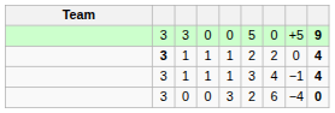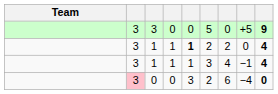 <table class="wikitable" style="text-align:center;">
 <tr>
 <th width=175>Team</th>
 <th width=20></th>
 <th width=20></th>
 <th width=20></th>
 <th width=20></th>
 <th width=20></th>
 <th width=20></th>
 <th width=20></th>
 <th width=20></th>
 </tr>
 <tr bgcolor=ccffcc>
 <td align="left"></td>
 <td>3</td>
 <td>3</td>
 <td>0</td>
 <td>0</td>
 <td>5</td>
 <td>0</td>
 <td>+5</td>
 <td><strong>9</strong></td>
 </tr>
 <tr>
 <td align="left"></td>
-<td><strong>3</strong></td>
+<td>3</td>
 <td>1</td>
 <td>1</td>
-<td>1</td>
+<td><strong>1</strong></td>
 <td>2</td>
 <td>2</td>
 <td>0</td>
 <td><strong>4</strong></td>
 </tr>
 <tr>
 <td align="left"></td>
 <td>3</td>
 <td>1</td>
 <td>1</td>
 <td>1</td>
 <td>3</td>
 <td>4</td>
 <td>−1</td>
 <td><strong>4</strong></td>
 </tr>
 <tr>
 <td align="left"></td>
-<td>3</td>
+<td style="background: pink;">3</td>
 <td>0</td>
 <td>0</td>
 <td>3</td>
 <td>2</td>
 <td>6</td>
 <td>−4</td>
 <td><strong>0</strong></td>
 </tr>
 </table>
